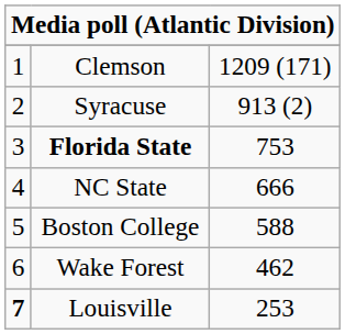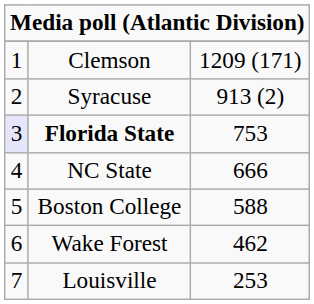 <table class="wikitable" style="display: inline-table;">
 <tr>
 <td align="center" Colspan="3"><strong>Media poll (Atlantic Division)</strong></td>
 </tr>
 <tr align="center">
 </tr>
 <tr align="center">
 <td>1</td>
 <td>Clemson</td>
 <td>1209 (171)</td>
 </tr>
 <tr align="center">
 <td>2</td>
 <td>Syracuse</td>
 <td>913 (2)</td>
 </tr>
 <tr align="center">
-<td>3</td>
+<td style="background: lavender;">3</td>
 <td><strong>Florida State</strong></td>
 <td>753</td>
 </tr>
 <tr align="center">
 <td>4</td>
 <td>NC State</td>
 <td>666</td>
 </tr>
 <tr align="center">
 <td>5</td>
 <td>Boston College</td>
 <td>588</td>
 </tr>
 <tr align="center">
 <td>6</td>
 <td>Wake Forest</td>
 <td>462</td>
 </tr>
 <tr align="center">
-<td><strong>7</strong></td>
+<td>7</td>
 <td>Louisville</td>
 <td>253</td>
 </tr>
 </table>
